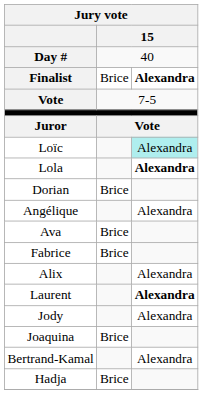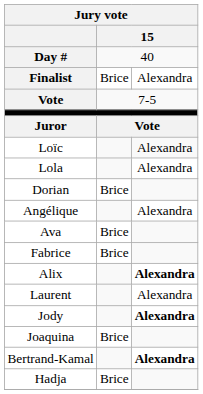 <table class="wikitable" style="text-align:center">
 <tr>
 <th colspan=3>Jury vote</th>
 </tr>
 <tr>
 <th></th>
 <th colspan="2">15</th>
 </tr>
 <tr>
 <th>Day #</th>
 <td colspan="2">40</td>
 </tr>
 <tr>
 <th>Finalist</th>
 <td bgcolor="white">Brice</td>
-<td bgcolor="white"><strong>Alexandra</strong></td>
+<td bgcolor="white">Alexandra</td>
 </tr>
 <tr>
 <th>Vote</th>
 <td colspan=2>7-5</td>
 </tr>
 <tr>
 <td colspan=13 bgcolor=black></td>
 </tr>
 <tr>
 <th>Juror</th>
 <th colspan=2>Vote</th>
 </tr>
 <tr>
 <td bgcolor="white">Loïc</td>
 <td></td>
-<td style="background: paleturquoise;">Alexandra</td>
+<td>Alexandra</td>
 </tr>
 <tr>
 <td bgcolor="white">Lola</td>
 <td></td>
-<td bgcolor="white"><strong>Alexandra</strong></td>
+<td bgcolor="white">Alexandra</td>
 </tr>
 <tr>
 <td bgcolor="white">Dorian</td>
 <td bgcolor="white">Brice</td>
 <td></td>
 </tr>
 <tr>
 <td bgcolor="white">Angélique</td>
 <td></td>
 <td bgcolor="white">Alexandra</td>
 </tr>
 <tr>
 <td bgcolor="white">Ava</td>
 <td bgcolor="white">Brice</td>
 <td></td>
 </tr>
 <tr>
 <td bgcolor="white">Fabrice</td>
 <td bgcolor="white">Brice</td>
 <td></td>
 </tr>
 <tr>
 <td bgcolor="white">Alix</td>
 <td></td>
-<td bgcolor="white">Alexandra</td>
+<td bgcolor="white"><strong>Alexandra</strong></td>
 </tr>
 <tr>
 <td bgcolor="white">Laurent</td>
 <td></td>
-<td bgcolor="white"><strong>Alexandra</strong></td>
+<td bgcolor="white">Alexandra</td>
 </tr>
 <tr>
 <td bgcolor="white">Jody</td>
 <td></td>
-<td bgcolor="white">Alexandra</td>
+<td bgcolor="white"><strong>Alexandra</strong></td>
 </tr>
 <tr>
 <td bgcolor="white">Joaquina</td>
 <td bgcolor="white">Brice</td>
 <td></td>
 </tr>
 <tr>
 <td bgcolor="white">Bertrand-Kamal</td>
 <td></td>
-<td bgcolor="white">Alexandra</td>
+<td bgcolor="white"><strong>Alexandra</strong></td>
 </tr>
 <tr>
 <td bgcolor="white">Hadja</td>
 <td bgcolor="white">Brice</td>
 <td></td>
 </tr>
 <tr>
 </tr>
 </table>
